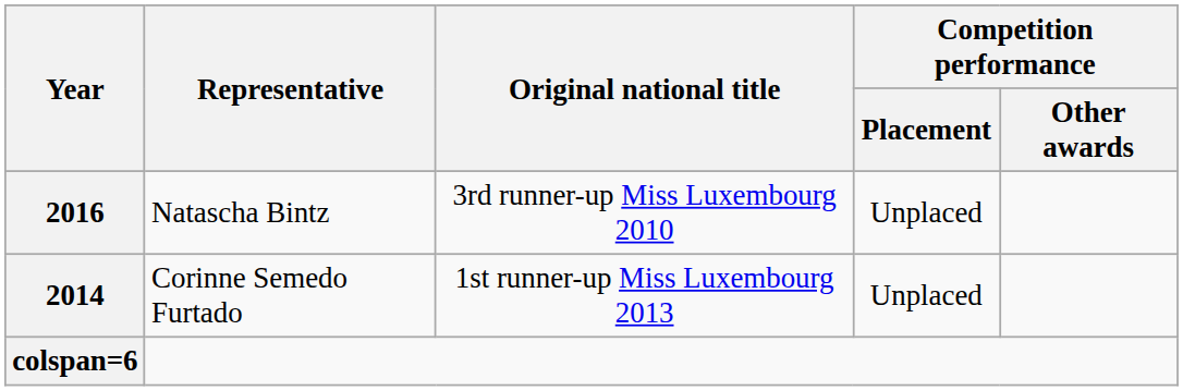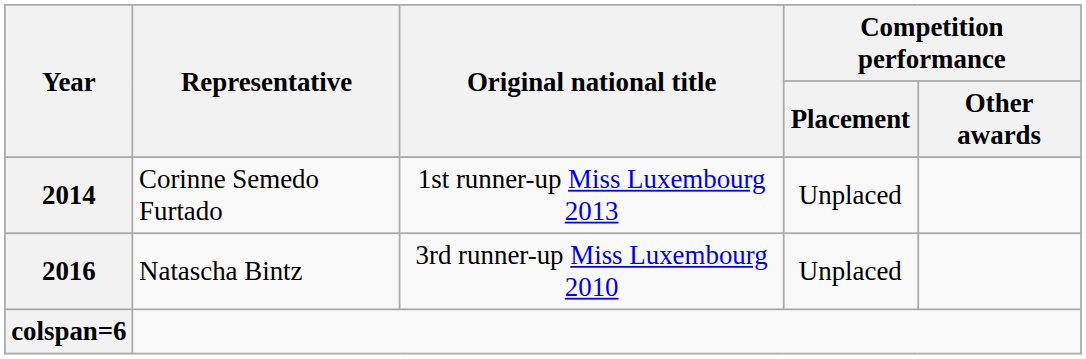 <table class="wikitable" style="font-size:95%;">
 <tr>
 <th rowspan=2>Year</th>
 <th rowspan=2>Representative</th>
 <th rowspan=2>Original national title</th>
 <th colspan=2>Competition performance</th>
 </tr>
 <tr>
 <th>Placement</th>
 <th>Other awards</th>
 </tr>
 <tr>
+<th>2014</th>
+<td>Corinne Semedo Furtado</td>
+<td align=center>1st runner-up <a href='#'>Miss Luxembourg 2013</a></td>
+<td align=center>Unplaced</td>
+<td></td>
+</tr>
+<tr>
 <th>2016</th>
 <td>Natascha Bintz</td>
 <td align=center>3rd runner-up <a href='#'>Miss Luxembourg 2010</a></td>
 <td align=center>Unplaced</td>
 <td></td>
 </tr>
 <tr>
-<th>2014</th>
-<td>Corinne Semedo Furtado</td>
-<td align=center>1st runner-up <a href='#'>Miss Luxembourg 2013</a></td>
-<td align=center>Unplaced</td>
-<td></td>
-</tr>
-<tr>
 <th>colspan=6 </th>
 </tr>
 </table>
